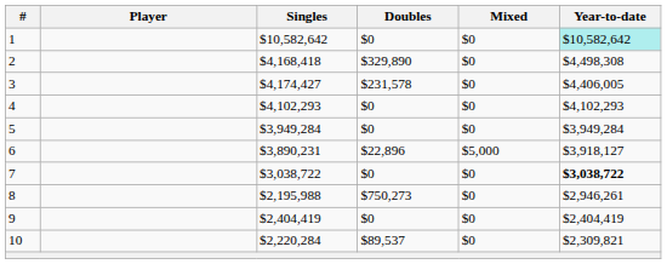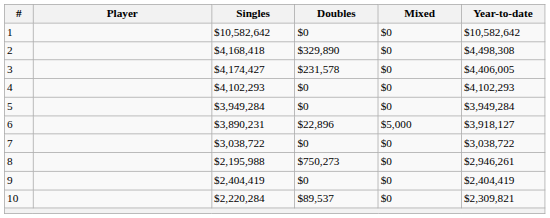 <table class="wikitable collapsible collapsed" style="font-size:90%">
 <tr>
 <th style="width:30px;">#</th>
 <th style="width:222px;">Player</th>
 <th style="width:100px;">Singles</th>
 <th style="width:100px;">Doubles</th>
 <th style="width:100px;">Mixed</th>
 <th style="width:100px;">Year-to-date</th>
 </tr>
 <tr style="text-align:left;">
 <td>1</td>
 <td style="text-align:left;"></td>
 <td>$10,582,642</td>
 <td>$0</td>
 <td>$0</td>
-<td style="background: paleturquoise;">$10,582,642</td>
+<td>$10,582,642</td>
 </tr>
 <tr style="text-align:left;">
 <td>2</td>
 <td style="text-align:left;"></td>
 <td>$4,168,418</td>
 <td>$329,890</td>
 <td>$0</td>
 <td>$4,498,308</td>
 </tr>
 <tr style="text-align:left;">
 <td>3</td>
 <td style="text-align:left;"></td>
 <td>$4,174,427</td>
 <td>$231,578</td>
 <td>$0</td>
 <td>$4,406,005</td>
 </tr>
 <tr style="text-align:left;">
 <td>4</td>
 <td style="text-align:left;"></td>
 <td>$4,102,293</td>
 <td>$0</td>
 <td>$0</td>
 <td>$4,102,293</td>
 </tr>
 <tr style="text-align:left;">
 <td>5</td>
 <td style="text-align:left;"></td>
 <td>$3,949,284</td>
 <td>$0</td>
 <td>$0</td>
 <td>$3,949,284</td>
 </tr>
 <tr style="text-align:left;">
 <td>6</td>
 <td style="text-align:left;"></td>
 <td>$3,890,231</td>
 <td>$22,896</td>
 <td>$5,000</td>
 <td>$3,918,127</td>
 </tr>
 <tr style="text-align:left;">
 <td>7</td>
 <td style="text-align:left;"></td>
 <td>$3,038,722</td>
 <td>$0</td>
 <td>$0</td>
-<td><strong>$3,038,722</strong></td>
+<td>$3,038,722</td>
 </tr>
 <tr style="text-align:left;">
 <td>8</td>
 <td style="text-align:left;"></td>
 <td>$2,195,988</td>
 <td>$750,273</td>
 <td>$0</td>
 <td>$2,946,261</td>
 </tr>
 <tr style="text-align:left;">
 <td>9</td>
 <td style="text-align:left;"></td>
 <td>$2,404,419</td>
 <td>$0</td>
 <td>$0</td>
 <td>$2,404,419</td>
 </tr>
 <tr style="text-align:left;">
 <td>10</td>
 <td style="text-align:left;"></td>
 <td>$2,220,284</td>
 <td>$89,537</td>
 <td>$0</td>
 <td>$2,309,821</td>
 </tr>
 <tr class="sortbottom">
 <th colspan=7></th>
 </tr>
 </table>
